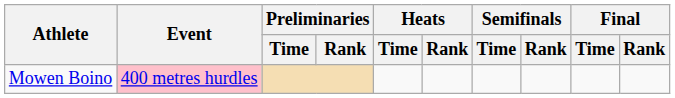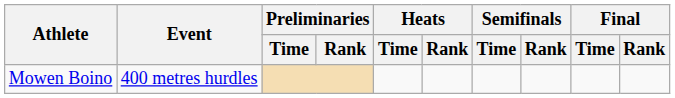 <table class=wikitable style="font-size:90%;">
 <tr>
 <th rowspan="2">Athlete</th>
 <th rowspan="2">Event</th>
 <th colspan="2">Preliminaries</th>
 <th colspan="2">Heats</th>
 <th colspan="2">Semifinals</th>
 <th colspan="2">Final</th>
 </tr>
 <tr>
 <th>Time</th>
 <th>Rank</th>
 <th>Time</th>
 <th>Rank</th>
 <th>Time</th>
 <th>Rank</th>
 <th>Time</th>
 <th>Rank</th>
 </tr>
 <tr style="border-top: single;">
 <td><a href='#'>Mowen Boino</a></td>
-<td style="background: pink;"><a href='#'>400 metres hurdles</a></td>
+<td><a href='#'>400 metres hurdles</a></td>
 <td colspan= 2 bgcolor="wheat"></td>
 <td align=center></td>
 <td align=center></td>
 <td align=center></td>
 <td align=center></td>
 <td align=center></td>
 <td align=center></td>
 </tr>
 </table>
